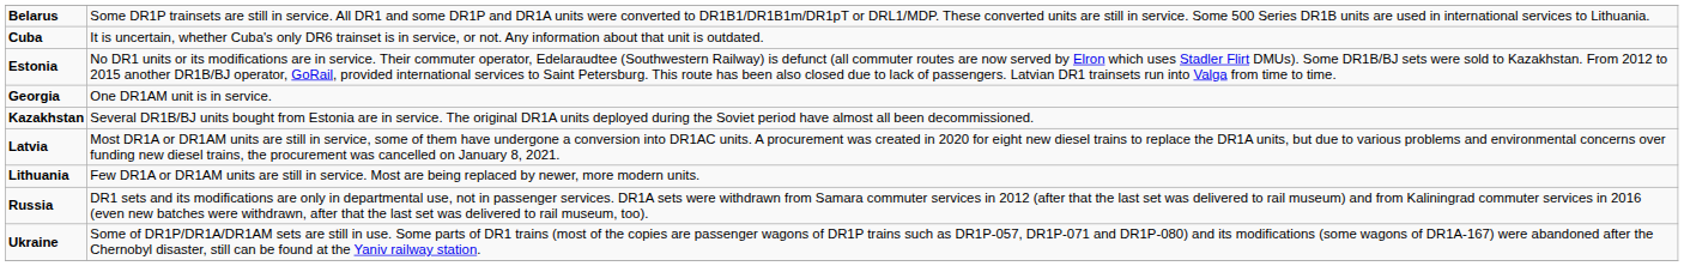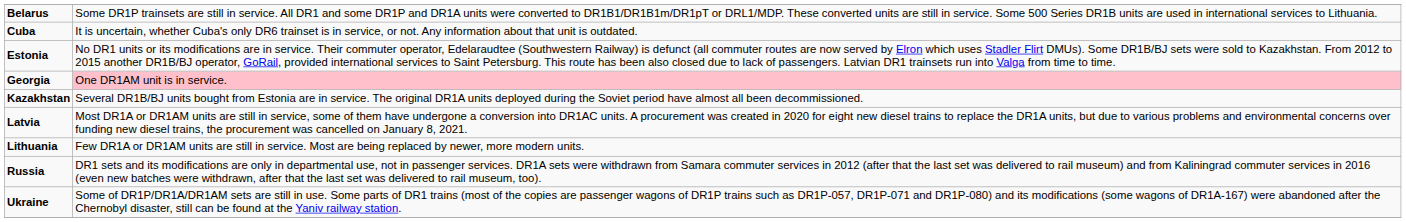 <table class="wikitable">
 <tr>
 </tr>
 <tr>
 <td><strong>Belarus</strong></td>
 <td>Some DR1P trainsets are still in service. All DR1 and some DR1P and DR1A units were converted to DR1B1/DR1B1m/DR1pT or DRL1/MDP. These converted units are still in service. Some 500 Series DR1B units are used in international services to Lithuania.</td>
 </tr>
 <tr>
 <td><strong>Cuba</strong></td>
 <td>It is uncertain, whether Cuba's only DR6 trainset is in service, or not. Any information about that unit is outdated.</td>
 </tr>
 <tr>
 <td><strong>Estonia</strong></td>
 <td>No DR1 units or its modifications are in service. Their commuter operator, Edelaraudtee (Southwestern Railway) is defunct (all commuter routes are now served by <a href='#'>Elron</a> which uses <a href='#'>Stadler Flirt</a> DMUs). Some DR1B/BJ sets were sold to Kazakhstan. From 2012 to 2015 another DR1B/BJ operator, <a href='#'>GoRail</a>, provided international services to Saint Petersburg. This route has been also closed due to lack of passengers. Latvian DR1 trainsets run into <a href='#'>Valga</a> from time to time.</td>
 </tr>
 <tr>
 <td><strong>Georgia</strong></td>
-<td>One DR1AM unit is in service.</td>
+<td style="background: pink;">One DR1AM unit is in service.</td>
 </tr>
 <tr>
 <td><strong>Kazakhstan</strong></td>
 <td>Several DR1B/BJ units bought from Estonia are in service. The original DR1A units deployed during the Soviet period have almost all been decommissioned.</td>
 </tr>
 <tr>
 <td><strong>Latvia</strong></td>
 <td>Most DR1A or DR1AM units are still in service, some of them have undergone a conversion into DR1AC units. A procurement was created in 2020 for eight new diesel trains to replace the DR1A units, but due to various problems and environmental concerns over funding new diesel trains, the procurement was cancelled on January 8, 2021.</td>
 </tr>
 <tr>
 <td><strong>Lithuania</strong></td>
 <td>Few DR1A or DR1AM units are still in service. Most are being replaced by newer, more modern units.</td>
 </tr>
 <tr>
 <td><strong>Russia</strong></td>
 <td>DR1 sets and its modifications are only in departmental use, not in passenger services. DR1A sets were withdrawn from Samara commuter services in 2012 (after that the last set was delivered to rail museum) and from Kaliningrad commuter services in 2016 (even new batches were withdrawn, after that the last set was delivered to rail museum, too).</td>
 </tr>
 <tr>
 <td><strong>Ukraine</strong></td>
 <td>Some of DR1P/DR1A/DR1AM sets are still in use. Some parts of DR1 trains (most of the copies are passenger wagons of DR1P trains such as DR1P-057, DR1P-071 and DR1P-080) and its modifications (some wagons of DR1A-167) were abandoned after the Chernobyl disaster, still can be found at the <a href='#'>Yaniv railway station</a>.</td>
 </tr>
 <tr>
 </tr>
 </table>
